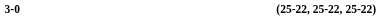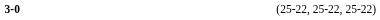 <table width=100% cellspacing=1>
 <tr>
 <th width=20%></th>
 <th width=12%></th>
 <th width=20%></th>
 <th width=33%></th>
 <td></td>
 </tr>
 <tr style=font-size:90%>
 <td align=right></td>
 <td align=center><strong>3-0</strong></td>
 <td></td>
-<td><strong>(25-22, 25-22, 25-22)</strong></td>
+<td>(25-22, 25-22, 25-22)</td>
 </tr>
 </table>
